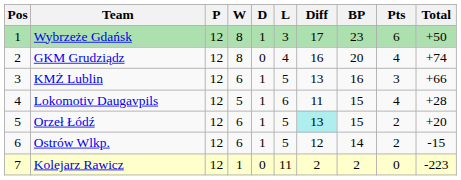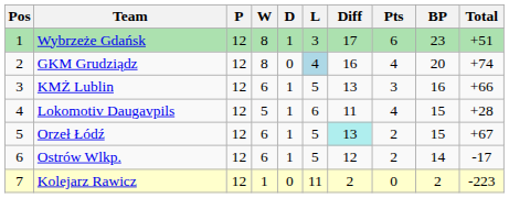 <table class="wikitable" style="font-size: 100%">
 <tr>
 <th width=20>Pos</th>
 <th width=200>Team</th>
 <th width=20>P</th>
 <th width=20>W</th>
 <th width=20>D</th>
 <th width=20>L</th>
 <th width=40>Diff</th>
+<th width=40>Pts</th>
 <th width=40>BP</th>
-<th width=40>Pts</th>
 <th width=40>Total</th>
 </tr>
 <tr align=center style="background:#ACE1AF;">
 <td>1</td>
 <td align="left"><a href='#'>Wybrzeże Gdańsk</a></td>
 <td>12</td>
 <td>8</td>
 <td>1</td>
 <td>3</td>
 <td>17</td>
+<td>6</td>
 <td>23</td>
-<td>6</td>
-<td>+50</td>
+<td>+51</td>
 </tr>
 <tr align=center>
 <td>2</td>
 <td align="left"><a href='#'>GKM Grudziądz</a></td>
 <td>12</td>
 <td>8</td>
 <td>0</td>
+<td style="background: lightblue;">4</td>
+<td>16</td>
 <td>4</td>
-<td>16</td>
 <td>20</td>
-<td>4</td>
 <td>+74</td>
 </tr>
 <tr align=center>
 <td>3</td>
 <td align="left"><a href='#'>KMŻ Lublin</a></td>
 <td>12</td>
 <td>6</td>
 <td>1</td>
 <td>5</td>
 <td>13</td>
+<td>3</td>
 <td>16</td>
-<td>3</td>
 <td>+66</td>
 </tr>
 <tr align=center>
 <td>4</td>
 <td align="left"><a href='#'>Lokomotiv Daugavpils</a> </td>
 <td>12</td>
 <td>5</td>
 <td>1</td>
 <td>6</td>
 <td>11</td>
+<td>4</td>
 <td>15</td>
-<td>4</td>
 <td>+28</td>
 </tr>
 <tr align=center>
 <td>5</td>
 <td align="left"><a href='#'>Orzeł Łódź</a></td>
 <td>12</td>
 <td>6</td>
 <td>1</td>
 <td>5</td>
 <td style="background: paleturquoise;">13</td>
+<td>2</td>
 <td>15</td>
-<td>2</td>
-<td>+20</td>
+<td>+67</td>
 </tr>
 <tr align=center>
 <td>6</td>
 <td align="left"><a href='#'>Ostrów Wlkp.</a></td>
 <td>12</td>
 <td>6</td>
 <td>1</td>
 <td>5</td>
 <td>12</td>
+<td>2</td>
 <td>14</td>
-<td>2</td>
-<td>-15</td>
+<td>-17</td>
 </tr>
 <tr align=center style="background: #ffffcc;">
 <td>7</td>
 <td align="left"><a href='#'>Kolejarz Rawicz</a></td>
 <td>12</td>
 <td>1</td>
 <td>0</td>
 <td>11</td>
 <td>2</td>
+<td>0</td>
 <td>2</td>
-<td>0</td>
 <td>-223</td>
 </tr>
 </table>
